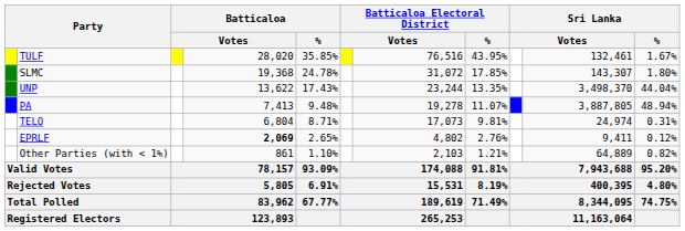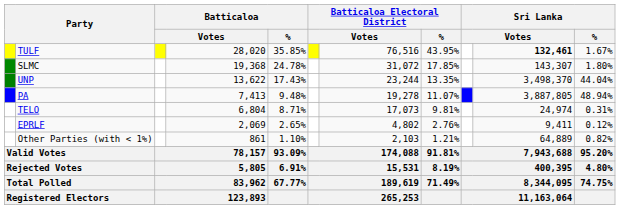 <table class="wikitable">
 <tr>
 <th colspan="2" width="144px"rowspan="2">Party</th>
 <th colspan="3" width="216px">Batticaloa</th>
 <th colspan="3" width="216px"><a href='#'>Batticaloa Electoral District</a></th>
 <th colspan="3" width="216px">Sri Lanka</th>
 </tr>
 <tr>
 <th colspan="2" width="144px">Votes</th>
 <th>%</th>
 <th colspan="2" width="144px">Votes</th>
 <th>%</th>
 <th colspan="2" width="144px">Votes</th>
 <th>%</th>
 </tr>
 <tr>
 <td style="background-color:yellow;" width="10px"></td>
 <td style="text-align:left;"><a href='#'>TULF</a></td>
 <td style="background-color:yellow;" width="10px"></td>
 <td style="text-align:right;">28,020</td>
 <td style="text-align:right;">35.85%</td>
 <td style="background-color:yellow;" width="10px"></td>
 <td style="text-align:right;">76,516</td>
 <td style="text-align:right;">43.95%</td>
 <td style="background-color:white;" width="10px"></td>
-<td style="text-align:right;">132,461</td>
+<td style="text-align:right;"><strong>132,461</strong></td>
 <td style="text-align:right;">1.67%</td>
 </tr>
 <tr>
 <td style="background-color:#008800;" width="10px"></td>
 <td style="text-align:left;">SLMC</td>
 <td style="background-color:white;" width="10px"></td>
 <td style="text-align:right;">19,368</td>
 <td style="text-align:right;">24.78%</td>
 <td style="background-color:white;" width="10px"></td>
 <td style="text-align:right;">31,072</td>
 <td style="text-align:right;">17.85%</td>
 <td style="background-color:white;" width="10px"></td>
 <td style="text-align:right;">143,307</td>
 <td style="text-align:right;">1.80%</td>
 </tr>
 <tr>
 <td style="background-color:green;" width="10px"></td>
 <td style="text-align:left;"><a href='#'>UNP</a></td>
 <td style="background-color:white;" width="10px"></td>
 <td style="text-align:right;">13,622</td>
 <td style="text-align:right;">17.43%</td>
 <td style="background-color:white;" width="10px"></td>
 <td style="text-align:right;">23,244</td>
 <td style="text-align:right;">13.35%</td>
 <td style="background-color:white;" width="10px"></td>
 <td style="text-align:right;">3,498,370</td>
 <td style="text-align:right;">44.04%</td>
 </tr>
 <tr>
 <td style="background-color:blue;" width="10px"></td>
 <td style="text-align:left;"><a href='#'>PA</a></td>
 <td style="background-color:white;" width="10px"></td>
 <td style="text-align:right;">7,413</td>
 <td style="text-align:right;">9.48%</td>
 <td style="background-color:white;" width="10px"></td>
 <td style="text-align:right;">19,278</td>
 <td style="text-align:right;">11.07%</td>
 <td style="background-color:blue;" width="10px"></td>
 <td style="text-align:right;">3,887,805</td>
 <td style="text-align:right;">48.94%</td>
 </tr>
 <tr>
 <td style="background-color:white;" width="10px"></td>
 <td style="text-align:left;"><a href='#'>TELO</a></td>
 <td style="background-color:white;" width="10px"></td>
 <td style="text-align:right;">6,804</td>
 <td style="text-align:right;">8.71%</td>
 <td style="background-color:white;" width="10px"></td>
 <td style="text-align:right;">17,073</td>
 <td style="text-align:right;">9.81%</td>
 <td style="background-color:white;" width="10px"></td>
 <td style="text-align:right;">24,974</td>
 <td style="text-align:right;">0.31%</td>
 </tr>
 <tr>
 <td style="background-color:white;" width="10px"></td>
 <td style="text-align:left;"><a href='#'>EPRLF</a></td>
 <td style="background-color:white;" width="10px"></td>
-<td style="text-align:right;"><strong>2,069</strong></td>
+<td style="text-align:right;">2,069</td>
 <td style="text-align:right;">2.65%</td>
 <td style="background-color:white;" width="10px"></td>
 <td style="text-align:right;">4,802</td>
 <td style="text-align:right;">2.76%</td>
 <td style="background-color:white;" width="10px"></td>
 <td style="text-align:right;">9,411</td>
 <td style="text-align:right;">0.12%</td>
 </tr>
 <tr>
 <td style="background-color:white;" width="10px"></td>
 <td style="text-align:left;">Other Parties (with < 1%)</td>
 <td style="background-color:white;" width="10px"></td>
 <td style="text-align:right;">861</td>
 <td style="text-align:right;">1.10%</td>
 <td style="background-color:white;" width="10px"></td>
 <td style="text-align:right;">2,103</td>
 <td style="text-align:right;">1.21%</td>
 <td style="background-color:white;" width="10px"></td>
 <td style="text-align:right;">64,889</td>
 <td style="text-align:right;">0.82%</td>
 </tr>
 <tr>
 <th colspan="2" width="144px"style="text-align:left;">Valid Votes</th>
 <th style="text-align:right;"colspan="2" width="144px">78,157</th>
 <th style="text-align:right;">93.09%</th>
 <th style="text-align:right;"colspan="2" width="144px">174,088</th>
 <th style="text-align:right;">91.81%</th>
 <th style="text-align:right;"colspan="2" width="144px">7,943,688</th>
 <th style="text-align:right;">95.20%</th>
 </tr>
 <tr>
 <th colspan="2" width="144px"style="text-align:left;">Rejected Votes</th>
 <th style="text-align:right;"colspan="2" width="144px">5,805</th>
 <th style="text-align:right;">6.91%</th>
 <th style="text-align:right;"colspan="2" width="144px">15,531</th>
 <th style="text-align:right;">8.19%</th>
 <th style="text-align:right;"colspan="2" width="144px">400,395</th>
 <th style="text-align:right;">4.80%</th>
 </tr>
 <tr>
 <th colspan="2" width="144px"style="text-align:left;">Total Polled</th>
 <th style="text-align:right;"colspan="2" width="144px">83,962</th>
 <th style="text-align:right;">67.77%</th>
 <th style="text-align:right;"colspan="2" width="144px">189,619</th>
 <th style="text-align:right;">71.49%</th>
 <th style="text-align:right;"colspan="2" width="144px">8,344,095</th>
 <th style="text-align:right;">74.75%</th>
 </tr>
 <tr>
 <th colspan="2" width="144px"style="text-align:left;">Registered Electors</th>
 <th style="text-align:right;"colspan="2" width="144px">123,893</th>
 <th></th>
 <th style="text-align:right;"colspan="2" width="144px">265,253</th>
 <th></th>
 <th style="text-align:right;"colspan="2" width="144px">11,163,064</th>
 <th></th>
 </tr>
 </table>
